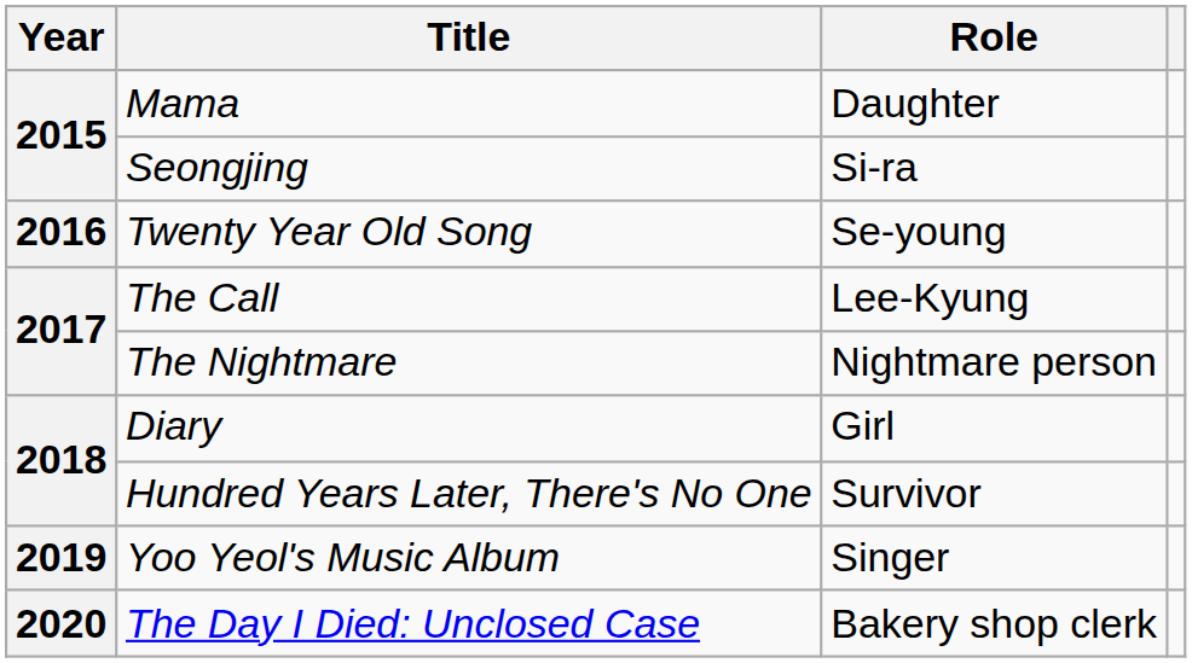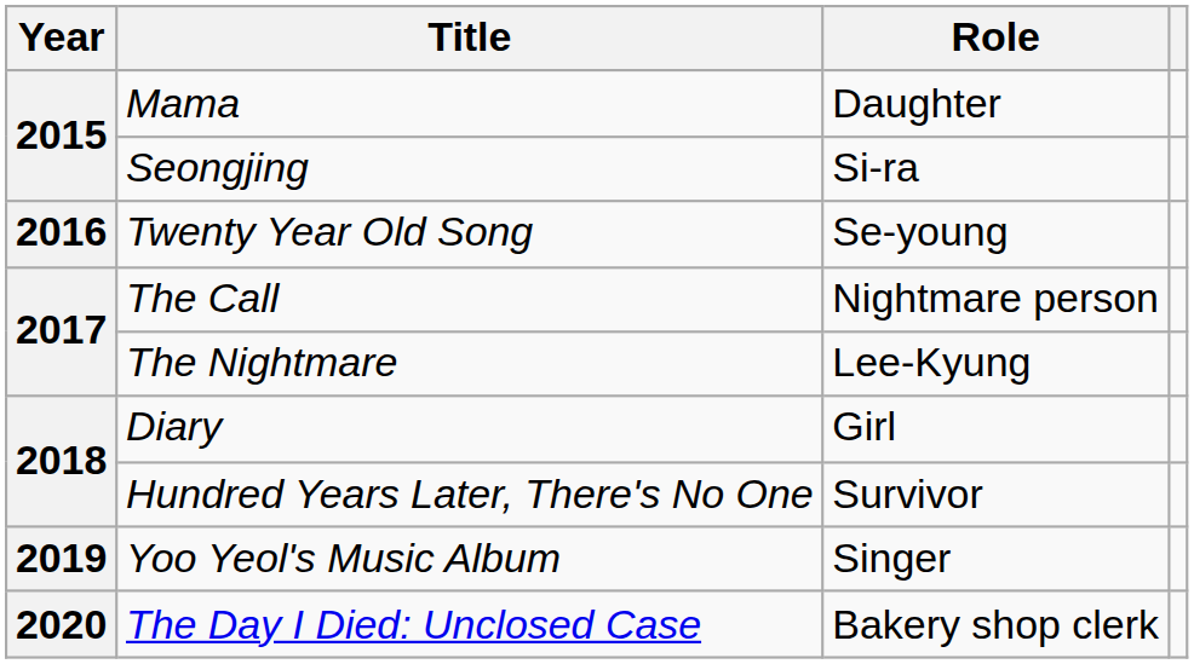 <table class="wikitable plainrowheaders sortable">
 <tr>
 <th scope="col">Year</th>
 <th scope="col">Title</th>
 <th scope="col">Role</th>
 <th scope="col" class="unsortable"></th>
 </tr>
 <tr>
 <th scope="row" rowspan="2">2015</th>
 <td><em>Mama</em></td>
 <td>Daughter</td>
 <td style="text-align:center"></td>
 </tr>
 <tr>
 <td><em>Seongjing</em></td>
 <td>Si-ra</td>
 <td style="text-align:center"></td>
 </tr>
 <tr>
 <th scope="row">2016</th>
 <td><em>Twenty Year Old Song</em></td>
 <td>Se-young</td>
 <td style="text-align:center"></td>
 </tr>
 <tr>
 <th scope="row" rowspan="2">2017</th>
 <td><em>The Call</em></td>
-<td>Lee-Kyung</td>
+<td>Nightmare person</td>
 <td style="text-align:center"></td>
 </tr>
 <tr>
 <td><em>The Nightmare</em></td>
-<td>Nightmare person</td>
+<td>Lee-Kyung</td>
 <td style="text-align:center"></td>
 </tr>
 <tr>
 <th scope="row" rowspan="2">2018</th>
 <td><em>Diary</em></td>
 <td>Girl</td>
 <td style="text-align:center"></td>
 </tr>
 <tr>
 <td><em>Hundred Years Later, There's No One</em></td>
 <td>Survivor</td>
 <td style="text-align:center"></td>
 </tr>
 <tr>
 <th scope="row">2019</th>
 <td><em>Yoo Yeol's Music Album</em></td>
 <td>Singer</td>
 <td style="text-align:center"></td>
 </tr>
 <tr>
 <th scope="row">2020</th>
 <td><em><a href='#'>The Day I Died: Unclosed Case</a></em></td>
 <td>Bakery shop clerk</td>
 <td style="text-align:center"></td>
 </tr>
 </table>
